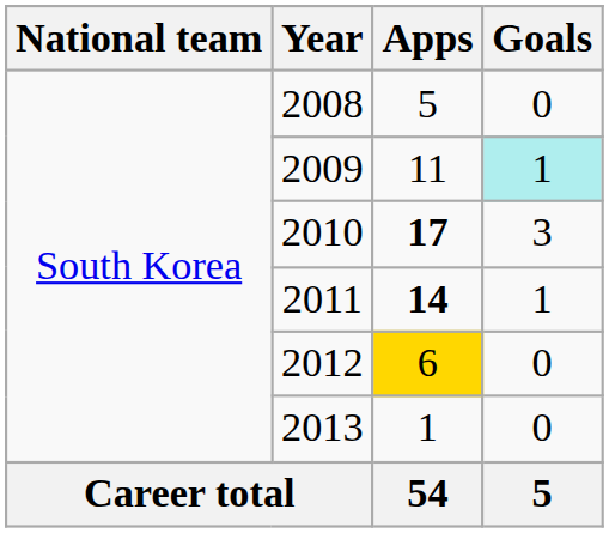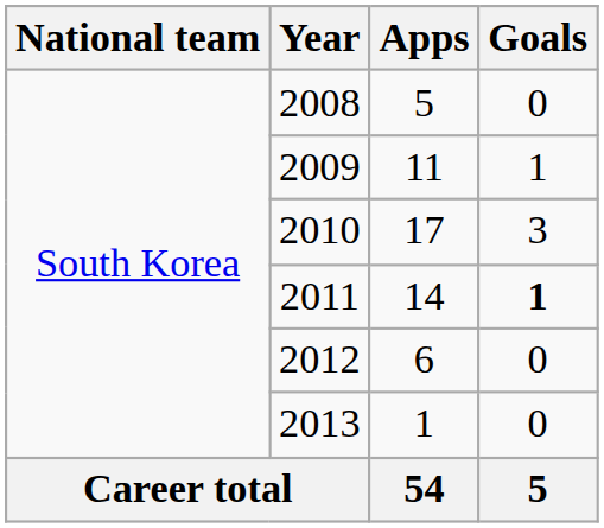 <table class="wikitable" style="text-align:center">
 <tr>
 <th>National team</th>
 <th>Year</th>
 <th>Apps</th>
 <th>Goals</th>
 </tr>
 <tr>
 <td rowspan="6"><a href='#'>South Korea</a></td>
 <td>2008</td>
 <td>5</td>
 <td>0</td>
 </tr>
 <tr>
 <td>2009</td>
 <td>11</td>
-<td style="background: paleturquoise;">1</td>
+<td>1</td>
 </tr>
 <tr>
 <td>2010</td>
-<td><strong>17</strong></td>
+<td>17</td>
 <td>3</td>
 </tr>
 <tr>
 <td>2011</td>
-<td><strong>14</strong></td>
-<td>1</td>
+<td>14</td>
+<td><strong>1</strong></td>
 </tr>
 <tr>
 <td>2012</td>
-<td style="background: gold;">6</td>
+<td>6</td>
 <td>0</td>
 </tr>
 <tr>
 <td>2013</td>
 <td>1</td>
 <td>0</td>
 </tr>
 <tr>
 <th colspan="2">Career total</th>
 <th>54</th>
 <th>5</th>
 </tr>
 </table>
